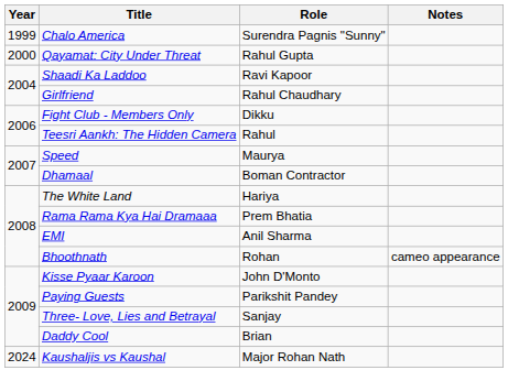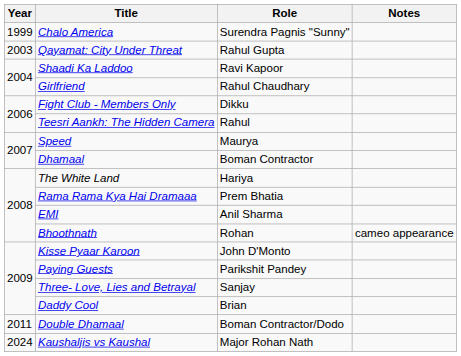 <table class="wikitable sortable">
 <tr>
 <th scope="col">Year</th>
 <th scope="col">Title</th>
 <th scope="col">Role</th>
 <th class="unsortable" scope="col">Notes</th>
 </tr>
 <tr>
 <td>1999</td>
 <td><em><a href='#'>Chalo America</a></em></td>
 <td>Surendra Pagnis "Sunny"</td>
 <td></td>
 </tr>
 <tr>
-<td>2000</td>
+<td>2003</td>
 <td><em><a href='#'>Qayamat: City Under Threat</a></em></td>
 <td>Rahul Gupta</td>
 <td></td>
 </tr>
 <tr>
 <td rowspan="2">2004</td>
 <td><em><a href='#'>Shaadi Ka Laddoo</a></em></td>
 <td>Ravi Kapoor</td>
 <td></td>
 </tr>
 <tr>
 <td><em><a href='#'>Girlfriend</a></em></td>
 <td>Rahul Chaudhary</td>
 <td></td>
 </tr>
 <tr>
 <td rowspan="2">2006</td>
 <td><em><a href='#'>Fight Club - Members Only</a></em></td>
 <td>Dikku</td>
 <td></td>
 </tr>
 <tr>
 <td><em><a href='#'>Teesri Aankh: The Hidden Camera</a></em></td>
 <td>Rahul</td>
 <td></td>
 </tr>
 <tr>
 <td rowspan="2">2007</td>
 <td><em><a href='#'>Speed</a></em></td>
 <td>Maurya</td>
 <td></td>
 </tr>
 <tr>
 <td><em><a href='#'>Dhamaal</a></em></td>
 <td>Boman Contractor</td>
 <td></td>
 </tr>
 <tr>
 <td rowspan="4">2008</td>
 <td><em>The White Land</em></td>
 <td>Hariya</td>
 <td></td>
 </tr>
 <tr>
 <td><em><a href='#'>Rama Rama Kya Hai Dramaaa</a></em></td>
 <td>Prem Bhatia</td>
 <td></td>
 </tr>
 <tr>
 <td><em><a href='#'>EMI</a></em></td>
 <td>Anil Sharma</td>
 <td></td>
 </tr>
 <tr>
 <td><em><a href='#'>Bhoothnath</a></em></td>
 <td>Rohan</td>
 <td>cameo appearance</td>
 </tr>
 <tr>
 <td rowspan="4">2009</td>
 <td><em><a href='#'>Kisse Pyaar Karoon</a></em></td>
 <td>John D'Monto</td>
 <td></td>
 </tr>
 <tr>
 <td><em><a href='#'>Paying Guests</a></em></td>
 <td>Parikshit Pandey</td>
 <td></td>
 </tr>
 <tr>
 <td><em><a href='#'>Three- Love, Lies and Betrayal</a></em></td>
 <td>Sanjay</td>
 <td></td>
 </tr>
 <tr>
 <td><em><a href='#'>Daddy Cool</a></em></td>
 <td>Brian</td>
 <td></td>
 </tr>
 <tr>
+<td>2011</td>
+<td><em><a href='#'>Double Dhamaal</a></em></td>
+<td>Boman Contractor/Dodo</td>
+<td></td>
+</tr>
+<tr>
 <td>2024</td>
 <td><em><a href='#'>Kaushaljis vs Kaushal</a></em></td>
 <td>Major Rohan Nath</td>
 <td><br>   </td>
 </tr>
 </table>
